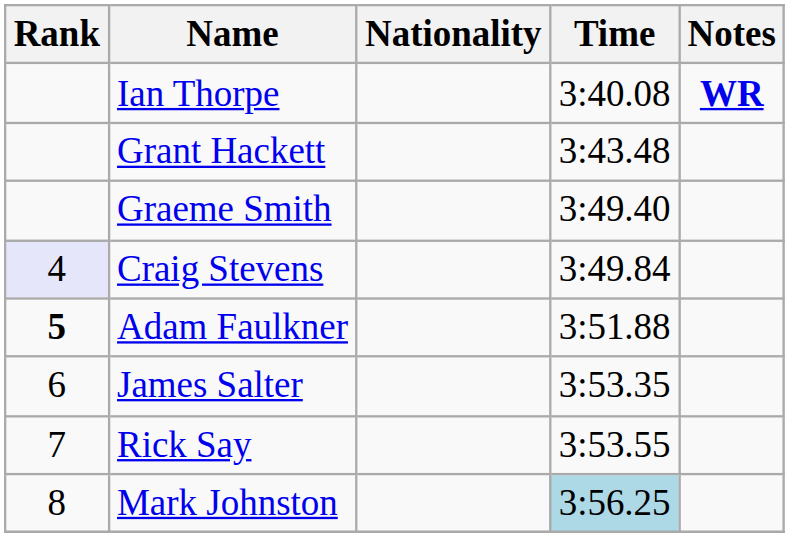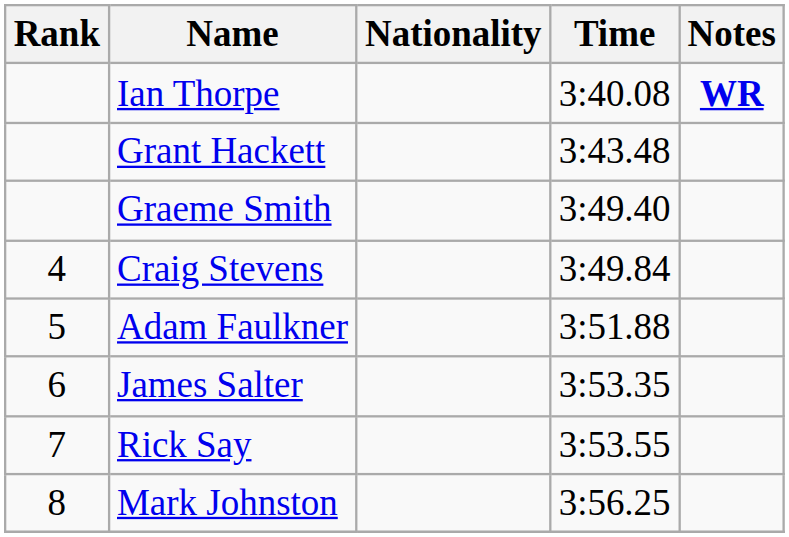 <table class="wikitable sortable" style="text-align:center">
 <tr>
 <th>Rank</th>
 <th>Name</th>
 <th>Nationality</th>
 <th>Time</th>
 <th>Notes</th>
 </tr>
 <tr>
 <td></td>
 <td align=left><a href='#'>Ian Thorpe</a></td>
 <td align=left></td>
 <td>3:40.08</td>
 <td><strong><a href='#'>WR</a> </strong></td>
 </tr>
 <tr>
 <td></td>
 <td align=left><a href='#'>Grant Hackett</a></td>
 <td align=left></td>
 <td>3:43.48</td>
 <td><strong> </strong></td>
 </tr>
 <tr>
 <td></td>
 <td align=left><a href='#'>Graeme Smith</a></td>
 <td align=left></td>
 <td>3:49.40</td>
 <td></td>
 </tr>
 <tr>
-<td style="background: lavender;">4</td>
+<td>4</td>
 <td align=left><a href='#'>Craig Stevens</a></td>
 <td align=left></td>
 <td>3:49.84</td>
 <td></td>
 </tr>
 <tr>
-<td><strong>5</strong></td>
+<td>5</td>
 <td align=left><a href='#'>Adam Faulkner</a></td>
 <td align=left></td>
 <td>3:51.88</td>
 <td><strong> </strong></td>
 </tr>
 <tr>
 <td>6</td>
 <td align=left><a href='#'>James Salter</a></td>
 <td align=left></td>
 <td>3:53.35</td>
 <td></td>
 </tr>
 <tr>
 <td>7</td>
 <td align=left><a href='#'>Rick Say</a></td>
 <td align=left></td>
 <td>3:53.55</td>
 <td></td>
 </tr>
 <tr>
 <td>8</td>
 <td align=left><a href='#'>Mark Johnston</a></td>
 <td align=left></td>
-<td style="background: lightblue;">3:56.25</td>
+<td>3:56.25</td>
 <td></td>
 </tr>
 <tr>
 </tr>
 </table>
